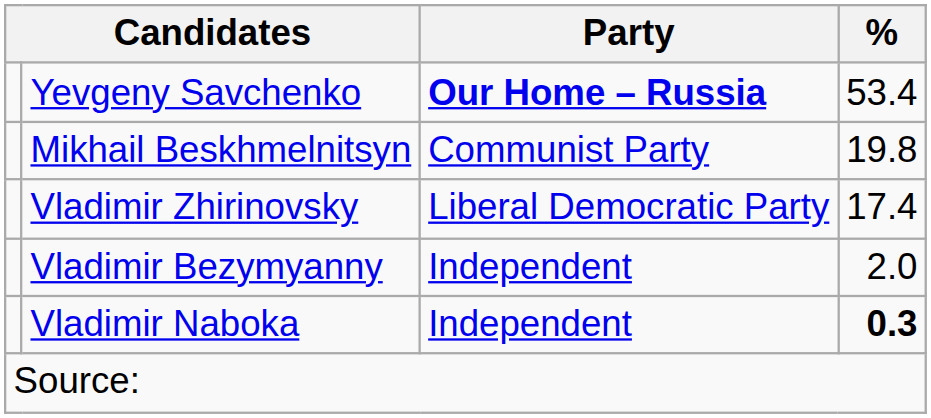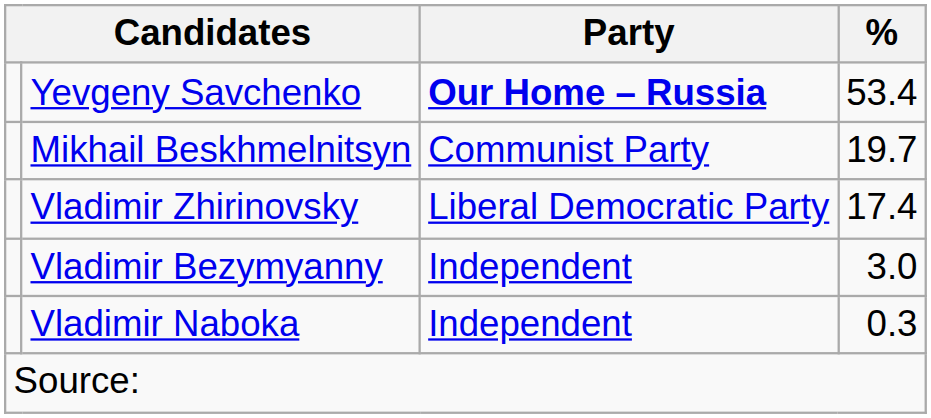 <table class=wikitable style=text-align:right>
 <tr>
 <th colspan=2>Candidates</th>
 <th>Party</th>
 <th>%</th>
 </tr>
 <tr>
 <td style="background-color: "></td>
 <td style="text-align:left;"><a href='#'>Yevgeny Savchenko</a></td>
 <td style="text-align:left;"><strong><a href='#'>Our Home – Russia</a></strong></td>
 <td>53.4</td>
 </tr>
 <tr>
 <td style="background-color: "></td>
 <td style="text-align:left;"><a href='#'>Mikhail Beskhmelnitsyn</a></td>
 <td style="text-align:left;"><a href='#'>Communist Party</a></td>
-<td>19.8</td>
+<td>19.7</td>
 </tr>
 <tr>
 <td style="background-color: "></td>
 <td style="text-align:left;"><a href='#'>Vladimir Zhirinovsky</a></td>
 <td style="text-align:left;"><a href='#'>Liberal Democratic Party</a></td>
 <td>17.4</td>
 </tr>
 <tr>
 <td style="background-color: "></td>
 <td style="text-align:left;"><a href='#'>Vladimir Bezymyanny</a></td>
 <td style="text-align:left;"><a href='#'>Independent</a></td>
-<td>2.0</td>
+<td>3.0</td>
 </tr>
 <tr>
 <td style="background-color: "></td>
 <td style="text-align:left;"><a href='#'>Vladimir Naboka</a></td>
 <td style="text-align:left;"><a href='#'>Independent</a></td>
-<td><strong>0.3</strong></td>
+<td>0.3</td>
 </tr>
 <tr>
 <td style="text-align:left;" colspan=5>Source: </td>
 </tr>
 </table>
